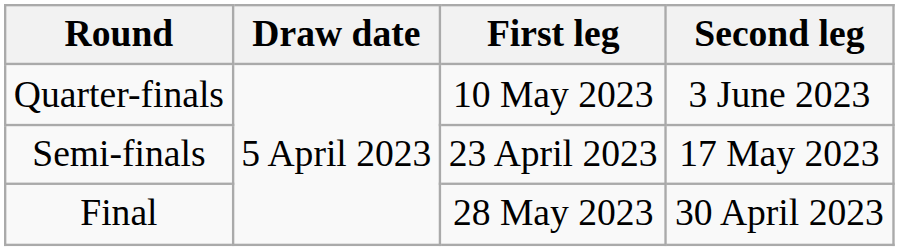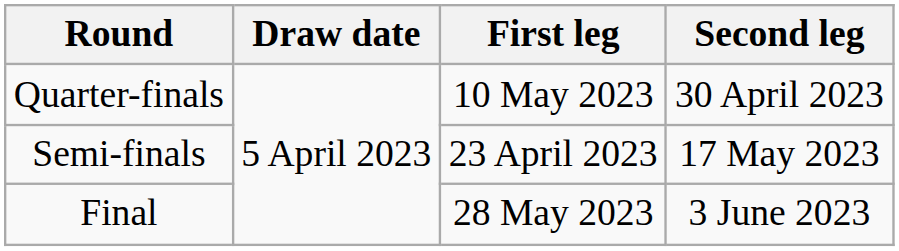 <table class="wikitable" style="text-align:center">
 <tr>
 <th>Round</th>
 <th>Draw date</th>
 <th>First leg</th>
 <th>Second leg</th>
 </tr>
 <tr>
 <td>Quarter-finals</td>
 <td rowspan=3>5 April 2023</td>
 <td>10 May 2023</td>
-<td>3 June 2023</td>
+<td>30 April 2023</td>
 </tr>
 <tr>
 <td>Semi-finals</td>
 <td>23 April 2023</td>
 <td>17 May 2023</td>
 </tr>
 <tr>
 <td>Final</td>
 <td>28 May 2023</td>
-<td>30 April 2023</td>
+<td>3 June 2023</td>
 </tr>
 </table>
